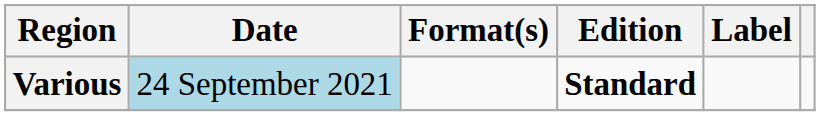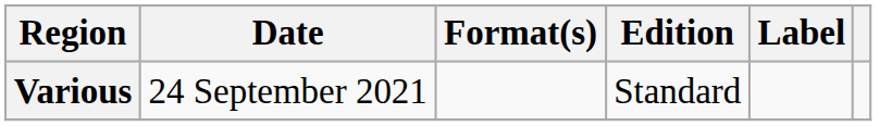 <table class="wikitable plainrowheaders">
 <tr>
 <th scope="col">Region</th>
 <th scope="col">Date</th>
 <th scope="col">Format(s)</th>
 <th scope="col">Edition</th>
 <th scope="col">Label</th>
 <th scope="col"></th>
 </tr>
 <tr>
 <th scope="row" rowspan="1">Various</th>
-<td style="background: lightblue;">24 September 2021</td>
+<td>24 September 2021</td>
 <td></td>
-<td><strong>Standard</strong></td>
+<td>Standard</td>
 <td></td>
 <td style="text-align:center;"></td>
 </tr>
 <tr>
 </tr>
 </table>
